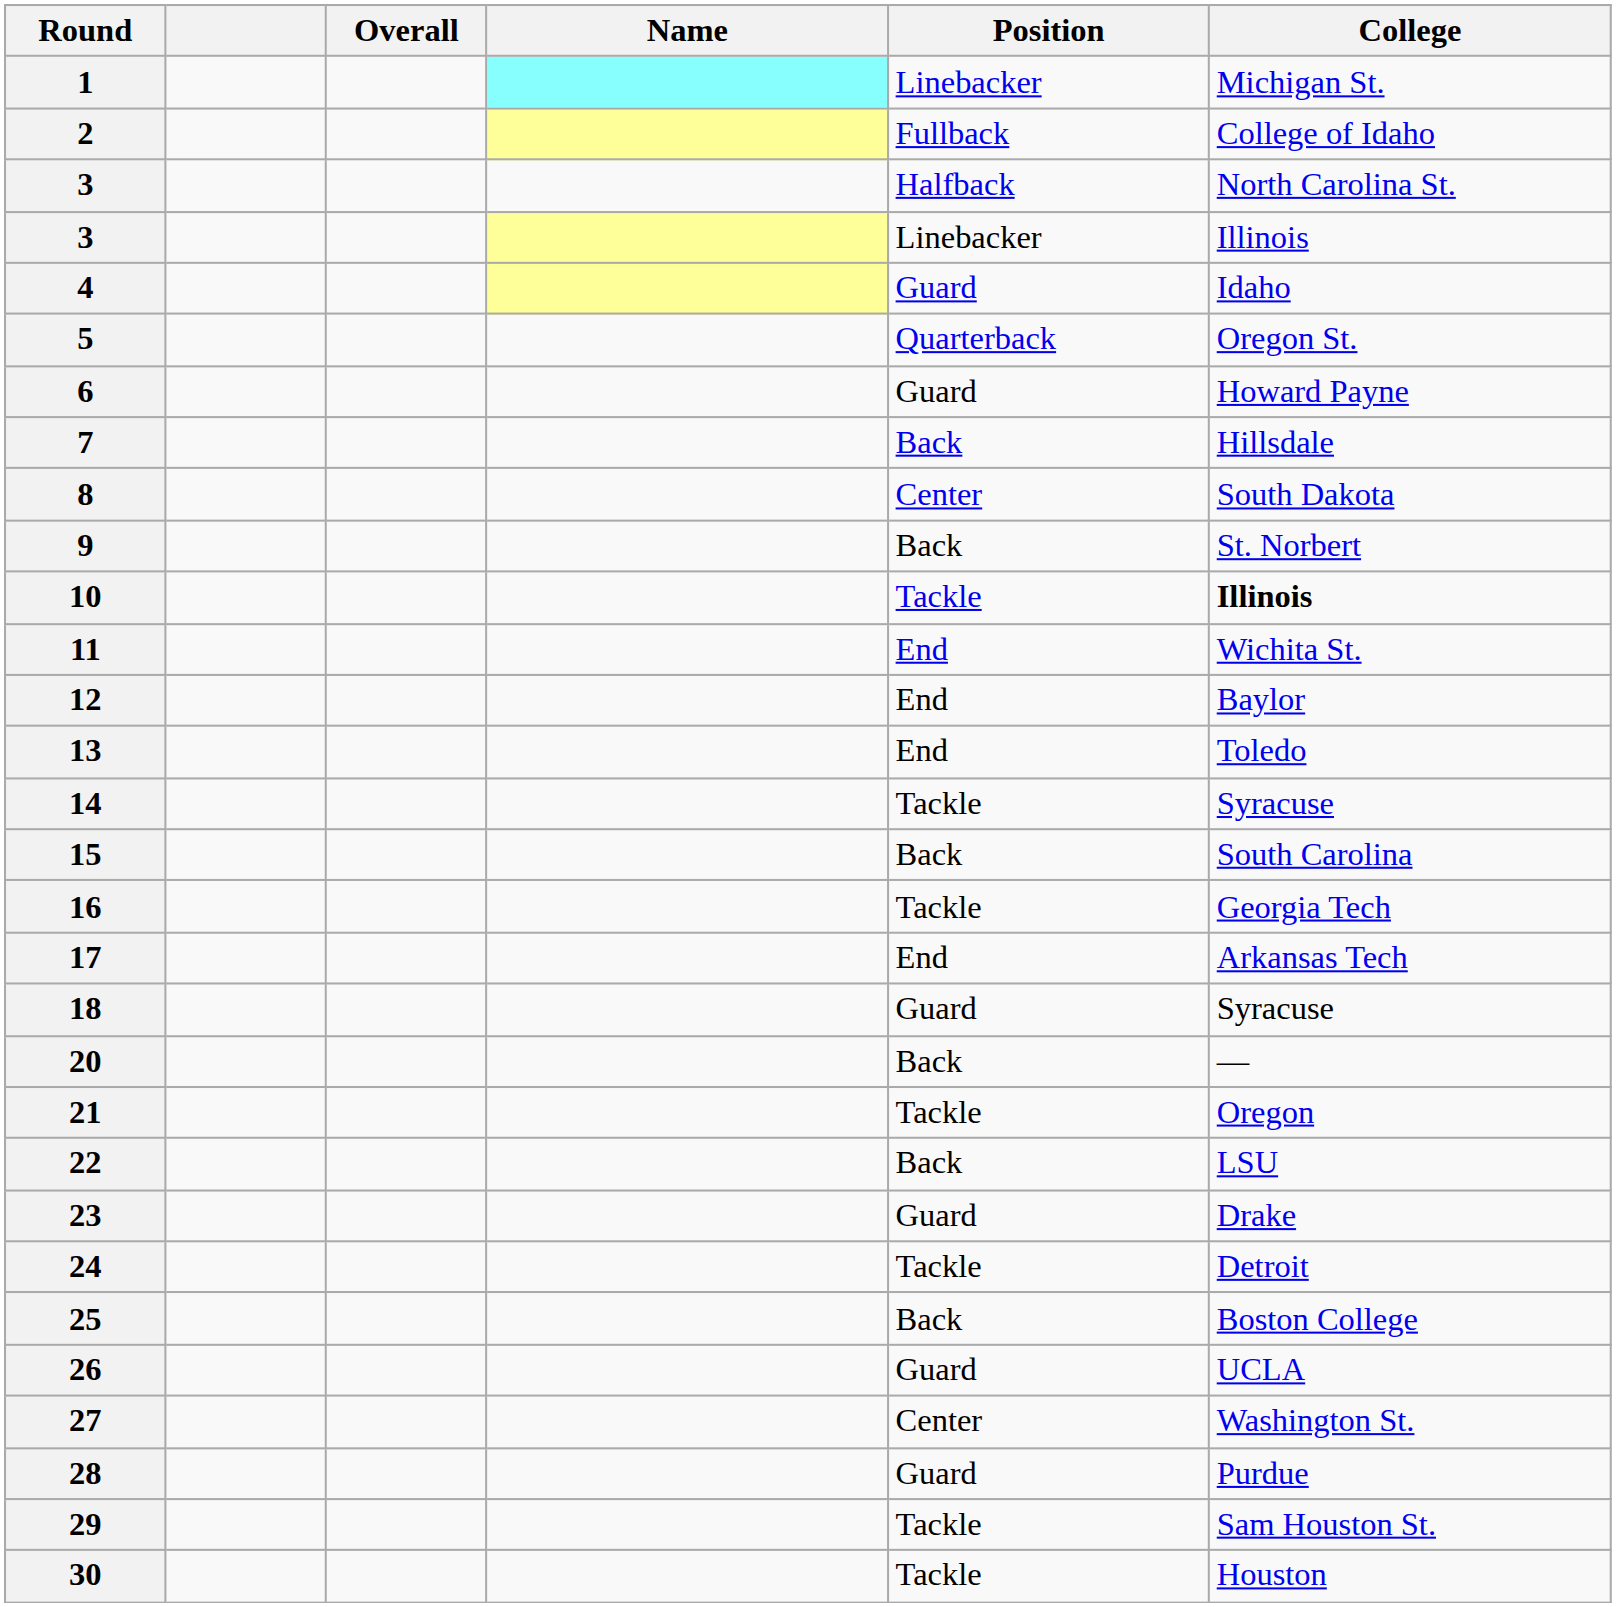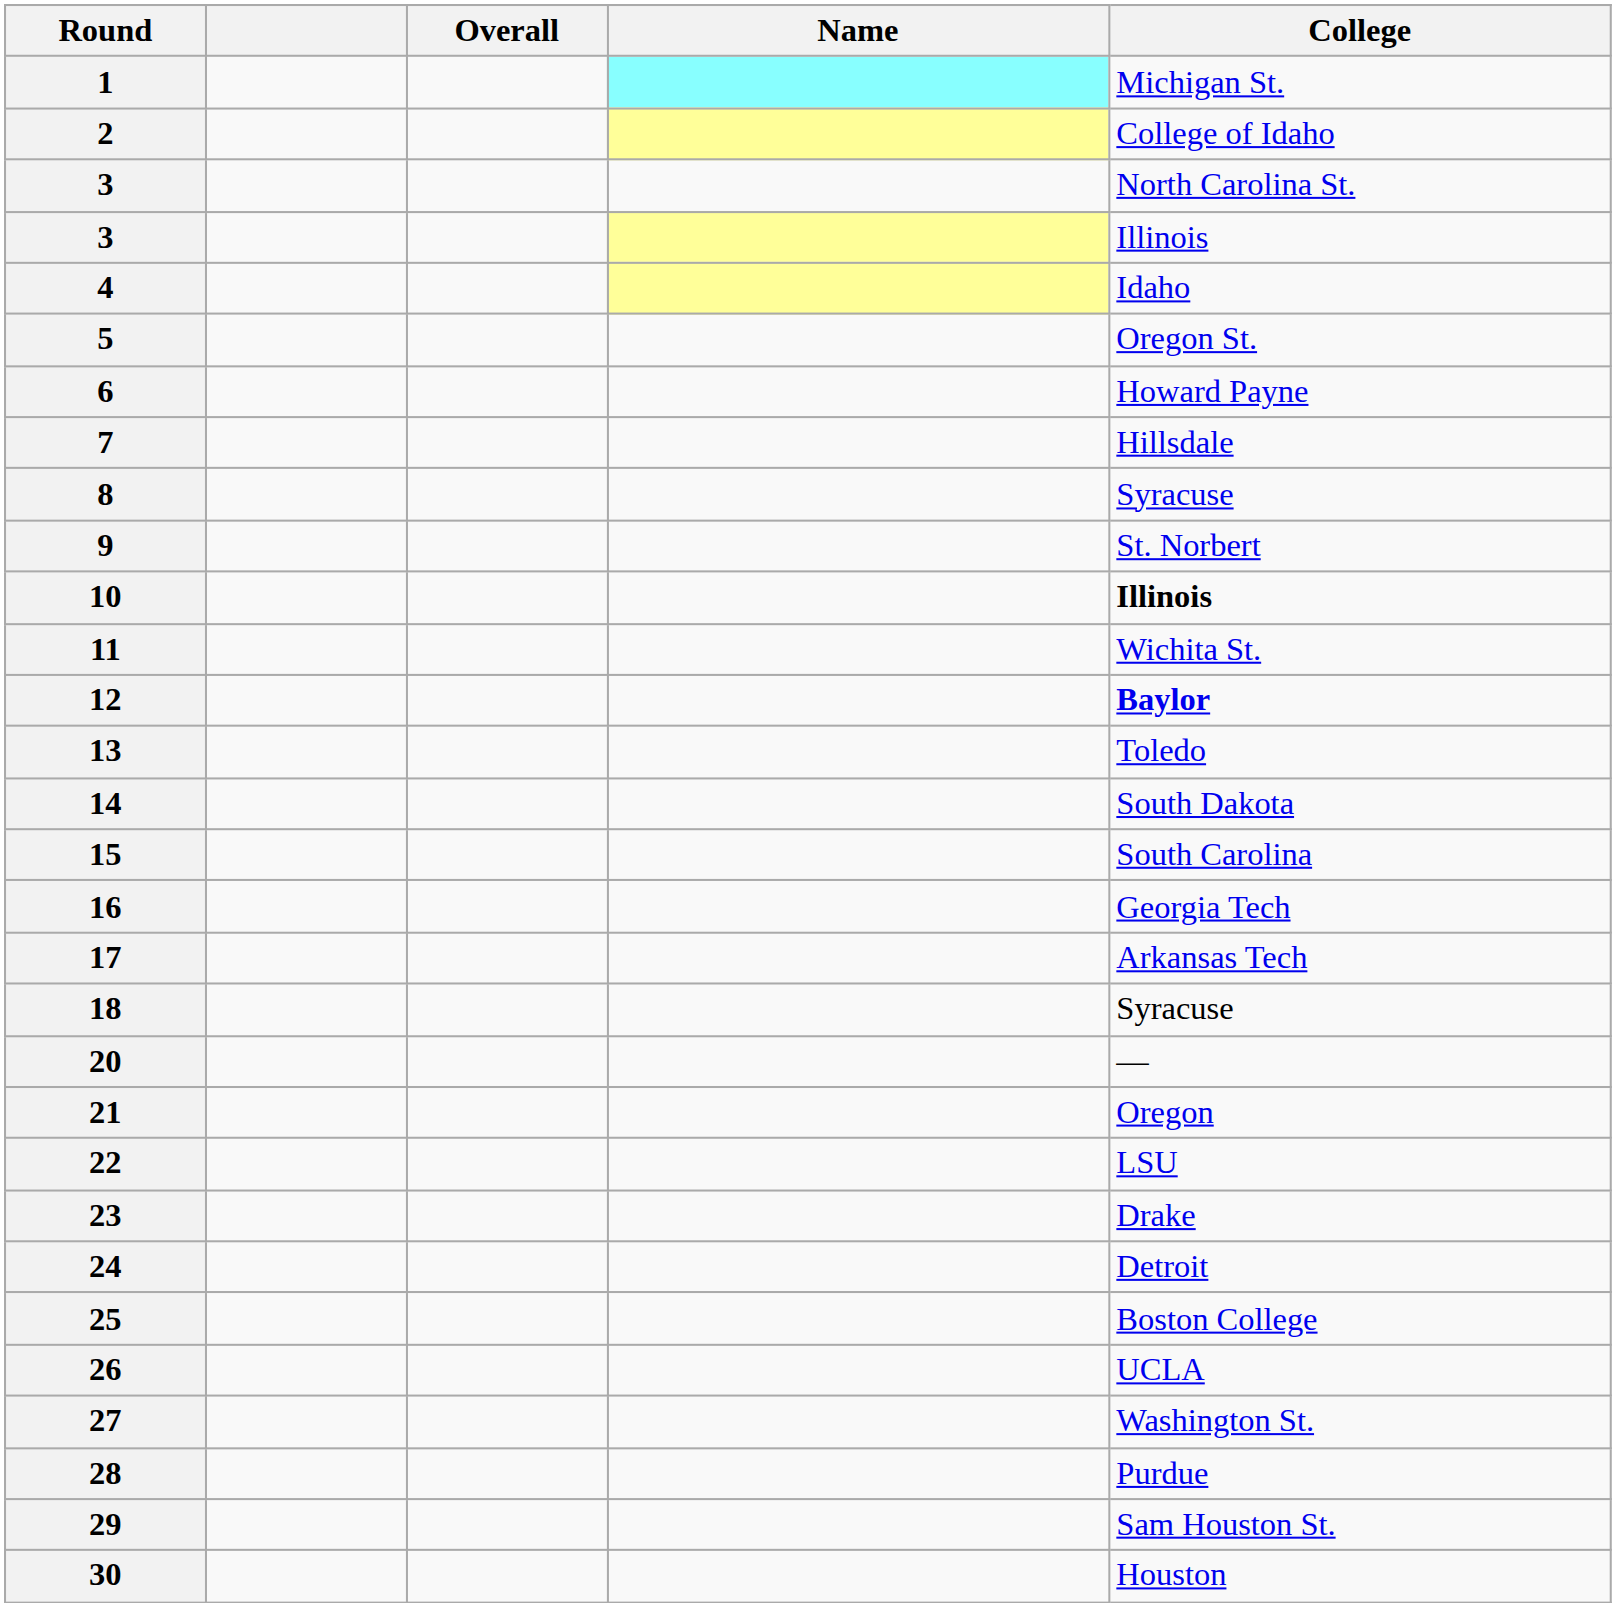 <table class="wikitable sortable" style="width: 50%;">
 <tr>
 <th scope="col" style="width: 10%;">Round</th>
 <th scope="col" style="width: 10%;"></th>
 <th scope="col" style="width: 10%;">Overall</th>
 <th scope="col" style="width: 25%;">Name</th>
-<th scope="col" style="width: 20%;">Position</th>
 <th scope="col" style="width: 25%;">College</th>
 </tr>
 <tr>
 <th scope="row">1</th>
 <td></td>
 <td></td>
 <td style="background:#88FFFF;"> <sup></sup></td>
-<td><a href='#'>Linebacker</a></td>
 <td><a href='#'>Michigan St.</a></td>
 </tr>
 <tr>
 <th scope="row">2</th>
 <td></td>
 <td></td>
 <td style="background:#FFFF99;"> </td>
-<td><a href='#'>Fullback</a></td>
 <td><a href='#'>College of Idaho</a></td>
 </tr>
 <tr>
 <th scope="row">3</th>
 <td></td>
 <td></td>
 <td></td>
-<td><a href='#'>Halfback</a></td>
 <td><a href='#'>North Carolina St.</a></td>
 </tr>
 <tr>
 <th scope="row">3</th>
 <td></td>
 <td></td>
 <td style="background:#FFFF99;"> </td>
-<td>Linebacker</td>
 <td><a href='#'>Illinois</a></td>
 </tr>
 <tr>
 <th scope="row">4</th>
 <td></td>
 <td></td>
 <td style="background:#FFFF99;"> </td>
-<td><a href='#'>Guard</a></td>
 <td><a href='#'>Idaho</a></td>
 </tr>
 <tr>
 <th scope="row">5</th>
 <td></td>
 <td></td>
 <td></td>
-<td><a href='#'>Quarterback</a></td>
 <td><a href='#'>Oregon St.</a></td>
 </tr>
 <tr>
 <th scope="row">6</th>
 <td></td>
 <td></td>
 <td></td>
-<td>Guard</td>
 <td><a href='#'>Howard Payne</a></td>
 </tr>
 <tr>
 <th scope="row">7</th>
 <td></td>
 <td></td>
 <td></td>
-<td><a href='#'>Back</a></td>
 <td><a href='#'>Hillsdale</a></td>
 </tr>
 <tr>
 <th scope="row">8</th>
 <td></td>
 <td></td>
 <td></td>
-<td><a href='#'>Center</a></td>
-<td><a href='#'>South Dakota</a></td>
+<td><a href='#'>Syracuse</a></td>
 </tr>
 <tr>
 <th scope="row">9</th>
 <td></td>
 <td></td>
 <td></td>
-<td>Back</td>
 <td><a href='#'>St. Norbert</a></td>
 </tr>
 <tr>
 <th scope="row">10</th>
 <td></td>
 <td></td>
 <td></td>
-<td><a href='#'>Tackle</a></td>
 <td><strong>Illinois</strong></td>
 </tr>
 <tr>
 <th scope="row">11</th>
 <td></td>
 <td></td>
 <td></td>
-<td><a href='#'>End</a></td>
 <td><a href='#'>Wichita St.</a></td>
 </tr>
 <tr>
 <th scope="row">12</th>
 <td></td>
 <td></td>
 <td></td>
-<td>End</td>
-<td><a href='#'>Baylor</a></td>
+<td><strong><a href='#'>Baylor</a></strong></td>
 </tr>
 <tr>
 <th scope="row">13</th>
 <td></td>
 <td></td>
 <td></td>
-<td>End</td>
 <td><a href='#'>Toledo</a></td>
 </tr>
 <tr>
 <th scope="row">14</th>
 <td></td>
 <td></td>
 <td></td>
-<td>Tackle</td>
-<td><a href='#'>Syracuse</a></td>
+<td><a href='#'>South Dakota</a></td>
 </tr>
 <tr>
 <th scope="row">15</th>
 <td></td>
 <td></td>
 <td></td>
-<td>Back</td>
 <td><a href='#'>South Carolina</a></td>
 </tr>
 <tr>
 <th scope="row">16</th>
 <td></td>
 <td></td>
 <td></td>
-<td>Tackle</td>
 <td><a href='#'>Georgia Tech</a></td>
 </tr>
 <tr>
 <th scope="row">17</th>
 <td></td>
 <td></td>
 <td></td>
-<td>End</td>
 <td><a href='#'>Arkansas Tech</a></td>
 </tr>
 <tr>
 <th scope="row">18</th>
 <td></td>
 <td></td>
 <td></td>
-<td>Guard</td>
 <td>Syracuse</td>
 </tr>
 <tr>
 <th scope="row">20</th>
 <td></td>
 <td></td>
 <td></td>
-<td>Back</td>
 <td>—</td>
 </tr>
 <tr>
 <th scope="row">21</th>
 <td></td>
 <td></td>
 <td></td>
-<td>Tackle</td>
 <td><a href='#'>Oregon</a></td>
 </tr>
 <tr>
 <th scope="row">22</th>
 <td></td>
 <td></td>
 <td></td>
-<td>Back</td>
 <td><a href='#'>LSU</a></td>
 </tr>
 <tr>
 <th scope="row">23</th>
 <td></td>
 <td></td>
 <td></td>
-<td>Guard</td>
 <td><a href='#'>Drake</a></td>
 </tr>
 <tr>
 <th scope="row">24</th>
 <td></td>
 <td></td>
 <td></td>
-<td>Tackle</td>
 <td><a href='#'>Detroit</a></td>
 </tr>
 <tr>
 <th scope="row">25</th>
 <td></td>
 <td></td>
 <td></td>
-<td>Back</td>
 <td><a href='#'>Boston College</a></td>
 </tr>
 <tr>
 <th scope="row">26</th>
 <td></td>
 <td></td>
 <td></td>
-<td>Guard</td>
 <td><a href='#'>UCLA</a></td>
 </tr>
 <tr>
 <th scope="row">27</th>
 <td></td>
 <td></td>
 <td></td>
-<td>Center</td>
 <td><a href='#'>Washington St.</a></td>
 </tr>
 <tr>
 <th scope="row">28</th>
 <td></td>
 <td></td>
 <td></td>
-<td>Guard</td>
 <td><a href='#'>Purdue</a></td>
 </tr>
 <tr>
 <th scope="row">29</th>
 <td></td>
 <td></td>
 <td></td>
-<td>Tackle</td>
 <td><a href='#'>Sam Houston St.</a></td>
 </tr>
 <tr>
 <th scope="row">30</th>
 <td></td>
 <td></td>
 <td></td>
-<td>Tackle</td>
 <td><a href='#'>Houston</a></td>
 </tr>
 </table>
